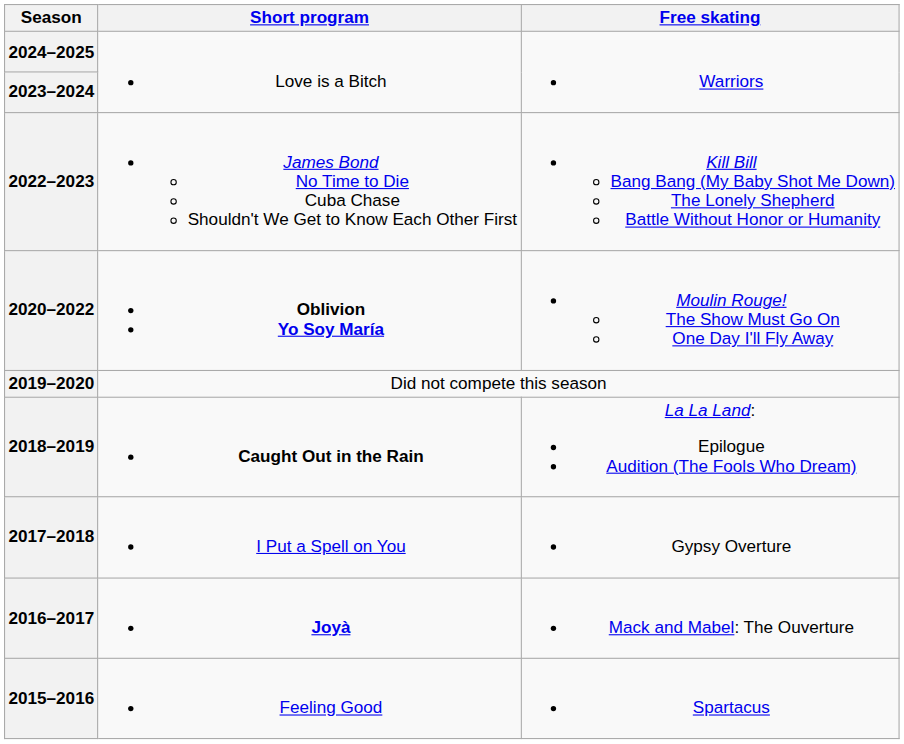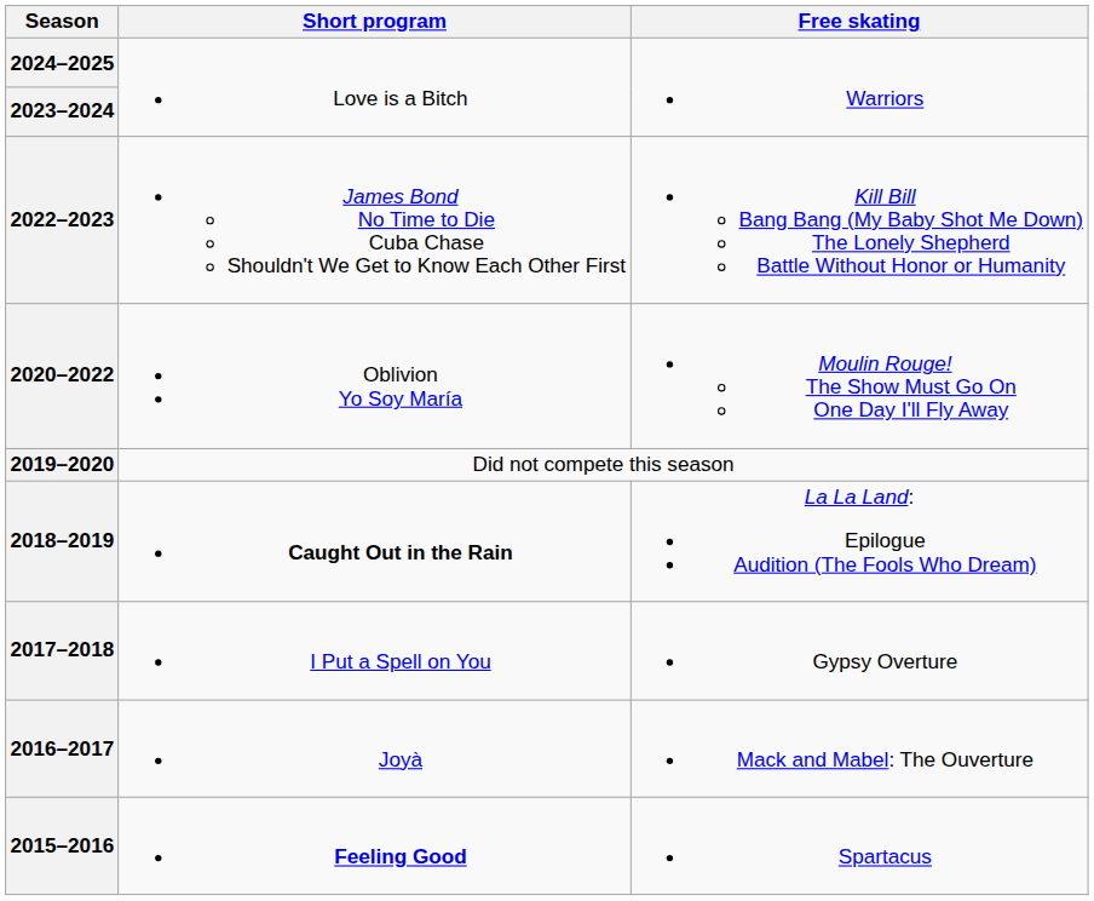 <table class=wikitable style=text-align:center>
 <tr>
 <th>Season</th>
 <th><a href='#'>Short program</a></th>
 <th><a href='#'>Free skating</a></th>
 </tr>
 <tr>
 <th>2024–2025 <br> </th>
 <td rowspan=2><br><ul><li>Love is a Bitch <br></li></ul></td>
 <td rowspan=2><br><ul><li><a href='#'>Warriors</a> <br></li></ul></td>
 </tr>
 <tr>
 <th>2023–2024 <br> </th>
 </tr>
 <tr>
 <th>2022–2023 <br> </th>
 <td><br><ul><li><em><a href='#'>James Bond</a></em><ul><li><a href='#'>No Time to Die</a> <br></li><li>Cuba Chase</li><li>Shouldn't We Get to Know Each Other First <br></li></ul></li></ul></td>
 <td><br><ul><li><em><a href='#'>Kill Bill</a></em><ul><li><a href='#'>Bang Bang (My Baby Shot Me Down)</a>  <br> </li><li><a href='#'>The Lonely Shepherd</a> <br> </li><li><a href='#'>Battle Without Honor or Humanity</a> <br> </li></ul></li></ul></td>
 </tr>
 <tr>
 <th>2020–2022 <br> </th>
-<td><strong><br><ul><li>Oblivion</li><li><a href='#'>Yo Soy María</a> <br></li></ul></strong></td>
+<td><br><ul><li>Oblivion</li><li><a href='#'>Yo Soy María</a> <br></li></ul></td>
 <td><br><ul><li><em><a href='#'>Moulin Rouge!</a></em><ul><li><a href='#'>The Show Must Go On</a>  <br> </li><li><a href='#'>One Day I'll Fly Away</a> <br> </li></ul></li></ul></td>
 </tr>
 <tr>
 <th scope="row">2019–2020</th>
 <td colspan=3>Did not compete this season</td>
 </tr>
 <tr>
 <th>2018–2019 <br> </th>
 <td><strong><br><ul><li>Caught Out in the Rain <br></li></ul></strong></td>
 <td><em><a href='#'>La La Land</a></em>:<br><ul><li>Epilogue <br></li><li><a href='#'>Audition (The Fools Who Dream)</a> <br></li></ul></td>
 </tr>
 <tr>
 <th>2017–2018 <br> </th>
 <td><br><ul><li><a href='#'>I Put a Spell on You</a> <br></li></ul></td>
 <td><br><ul><li>Gypsy Overture <br></li></ul></td>
 </tr>
 <tr>
 <th>2016–2017 <br> </th>
-<td><strong><br><ul><li><a href='#'>Joyà</a><br> </li></ul></strong></td>
+<td><br><ul><li><a href='#'>Joyà</a><br> </li></ul></td>
 <td><br><ul><li><a href='#'>Mack and Mabel</a>: The Ouverture <br></li></ul></td>
 </tr>
 <tr>
 <th>2015–2016 <br> </th>
-<td><br><ul><li><a href='#'>Feeling Good</a> <br></li></ul></td>
+<td><strong><br><ul><li><a href='#'>Feeling Good</a> <br></li></ul></strong></td>
 <td><br><ul><li><a href='#'>Spartacus</a> <br></li></ul></td>
 </tr>
 </table>
